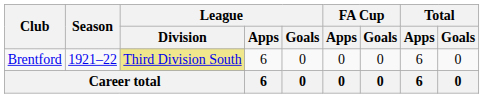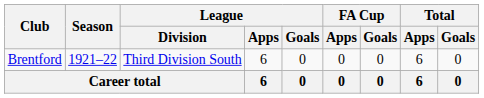 <table class="wikitable" style="text-align: center;">
 <tr>
 <th rowspan="2">Club</th>
 <th rowspan="2">Season</th>
 <th colspan="3">League</th>
 <th colspan="2">FA Cup</th>
 <th colspan="2">Total</th>
 </tr>
 <tr>
 <th>Division</th>
 <th>Apps</th>
 <th>Goals</th>
 <th>Apps</th>
 <th>Goals</th>
 <th>Apps</th>
 <th>Goals</th>
 </tr>
 <tr>
 <td><a href='#'>Brentford</a></td>
 <td><a href='#'>1921–22</a></td>
-<td style="background: khaki;"><a href='#'>Third Division South</a></td>
+<td><a href='#'>Third Division South</a></td>
 <td>6</td>
 <td>0</td>
 <td>0</td>
 <td>0</td>
 <td>6</td>
 <td>0</td>
 </tr>
 <tr>
 <th colspan="3">Career total</th>
 <th>6</th>
 <th>0</th>
 <th>0</th>
 <th>0</th>
 <th>6</th>
 <th>0</th>
 </tr>
 </table>
